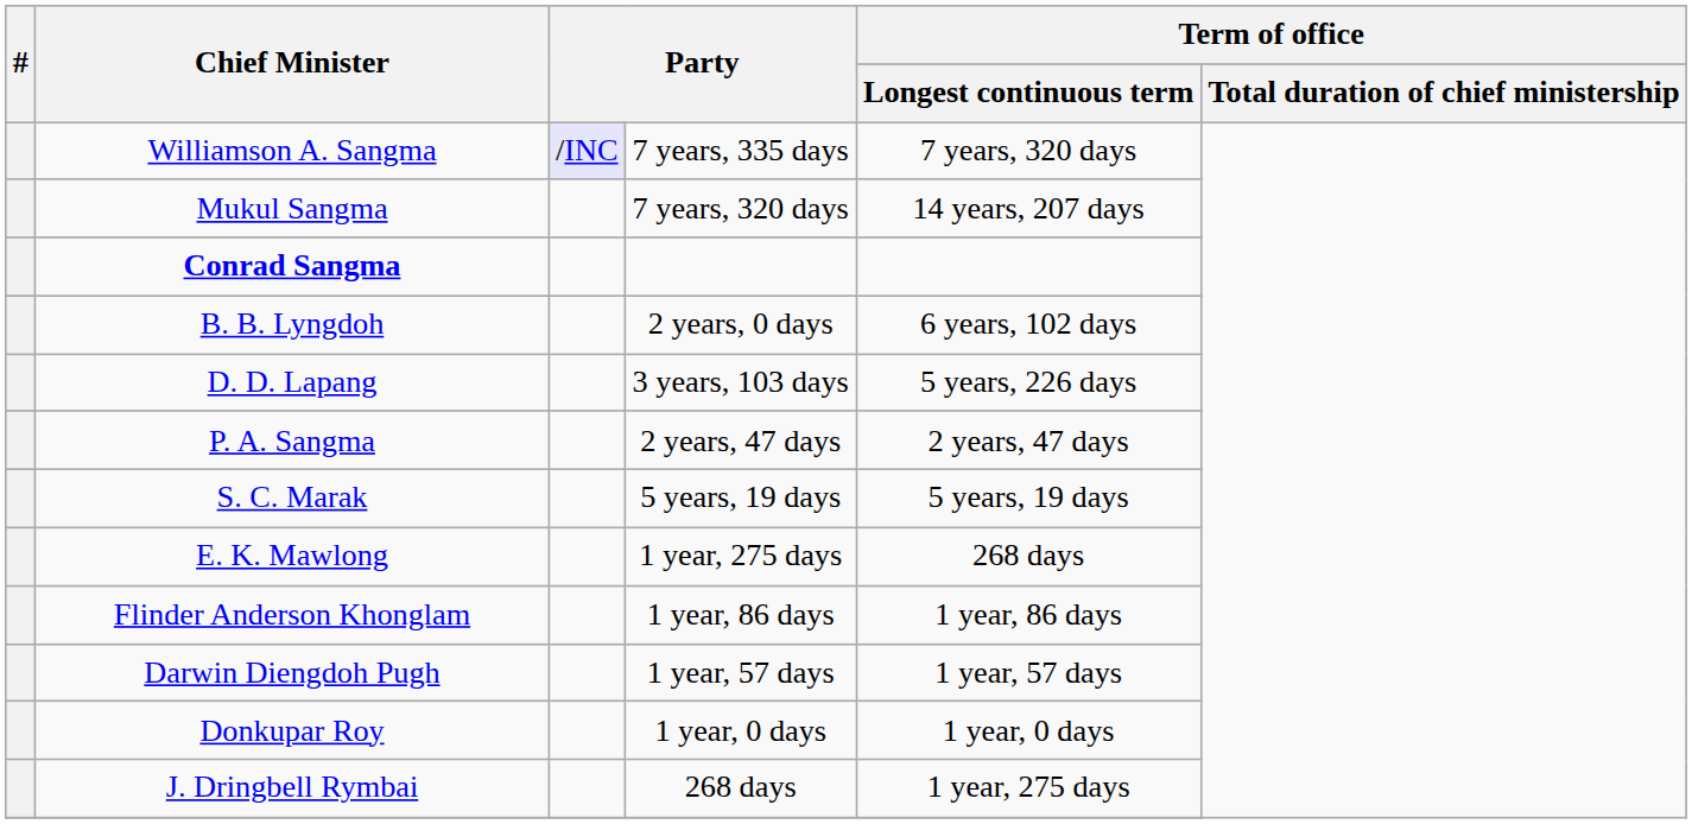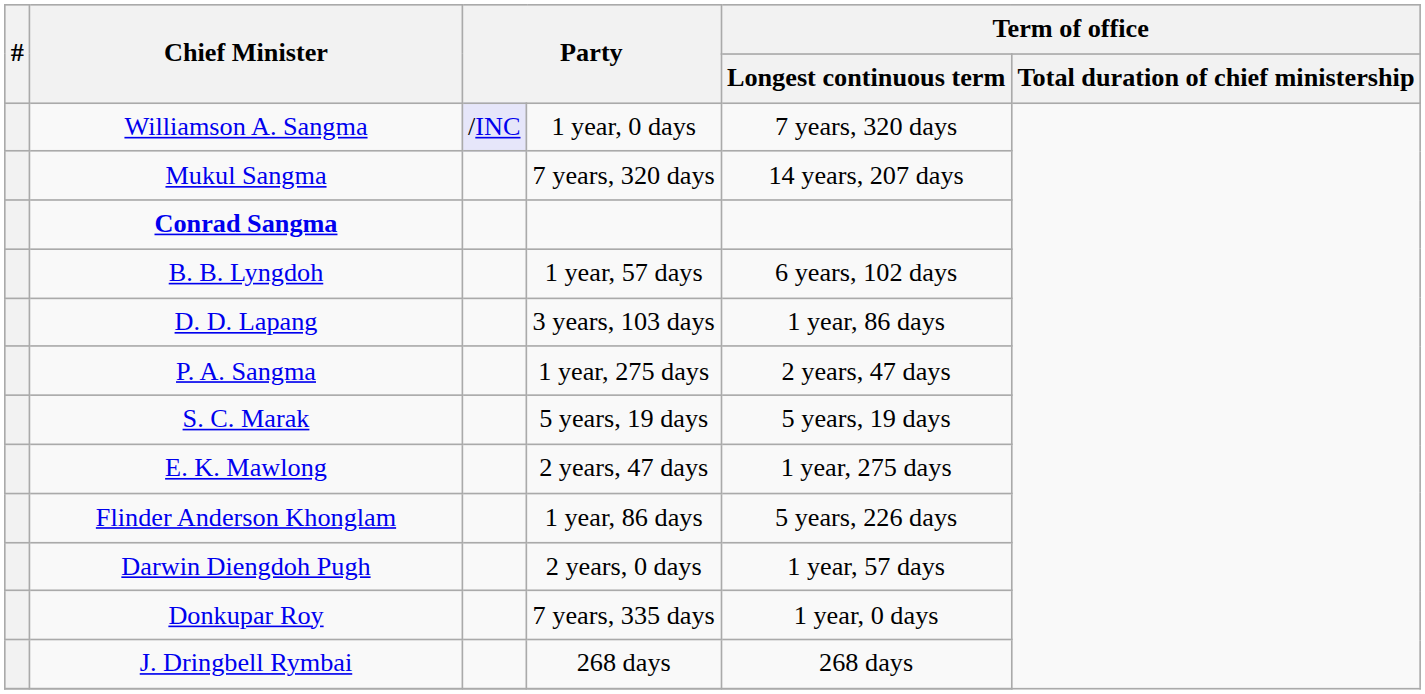 <table class="wikitable sortable" style="line-height:1.4em; text-align:center">
 <tr>
 <th data-sort-type=number rowspan = "2">#</th>
 <th rowspan="2" style="width:16em">Chief Minister</th>
 <th rowspan="2" colspan=2 style="width:8em">Party</th>
 <th colspan="2">Term of office</th>
 </tr>
 <tr>
 <th>Longest continuous term</th>
 <th>Total duration of chief ministership</th>
 </tr>
 <tr>
 <th data-sort-value=""></th>
 <td><a href='#'>Williamson A. Sangma</a></td>
 <td style="background: lavender;">/<a href='#'>INC</a></td>
-<td>7 years, 335 days</td>
+<td>1 year, 0 days</td>
 <td>7 years, 320 days</td>
 </tr>
 <tr>
 <th data-sort-value=""></th>
 <td><a href='#'>Mukul Sangma</a></td>
 <td></td>
 <td>7 years, 320 days</td>
 <td>14 years, 207 days</td>
 </tr>
 <tr>
 <th data-sort-value=""></th>
 <td><strong><a href='#'>Conrad Sangma</a></strong></td>
 <td></td>
 <td><strong></strong></td>
 <td><strong></strong></td>
 </tr>
 <tr>
 <th data-sort-value=""></th>
 <td><a href='#'>B. B. Lyngdoh</a></td>
 <td></td>
-<td>2 years, 0 days</td>
+<td>1 year, 57 days</td>
 <td>6 years, 102 days</td>
 </tr>
 <tr>
 <th data-sort-value=""></th>
 <td><a href='#'>D. D. Lapang</a></td>
 <td></td>
 <td>3 years, 103 days</td>
-<td>5 years, 226 days</td>
+<td>1 year, 86 days</td>
 </tr>
 <tr>
 <th data-sort-value=""></th>
 <td><a href='#'>P. A. Sangma</a></td>
 <td></td>
-<td>2 years, 47 days</td>
+<td>1 year, 275 days</td>
 <td>2 years, 47 days</td>
 </tr>
 <tr>
 <th data-sort-value=""></th>
 <td><a href='#'>S. C. Marak</a></td>
 <td></td>
 <td>5 years, 19 days</td>
 <td>5 years, 19 days</td>
 </tr>
 <tr>
 <th data-sort-value=""></th>
 <td><a href='#'>E. K. Mawlong</a></td>
 <td></td>
+<td>2 years, 47 days</td>
 <td>1 year, 275 days</td>
-<td>268 days</td>
 </tr>
 <tr>
 <th data-sort-value=""></th>
 <td><a href='#'>Flinder Anderson Khonglam</a></td>
 <td></td>
 <td>1 year, 86 days</td>
-<td>1 year, 86 days</td>
+<td>5 years, 226 days</td>
 </tr>
 <tr>
 <th data-sort-value=""></th>
 <td><a href='#'>Darwin Diengdoh Pugh</a></td>
 <td></td>
-<td>1 year, 57 days</td>
+<td>2 years, 0 days</td>
 <td>1 year, 57 days</td>
 </tr>
 <tr>
 <th data-sort-value=""></th>
 <td><a href='#'>Donkupar Roy</a></td>
 <td></td>
-<td>1 year, 0 days</td>
+<td>7 years, 335 days</td>
 <td>1 year, 0 days</td>
 </tr>
 <tr>
 <th></th>
 <td><a href='#'>J. Dringbell Rymbai</a></td>
 <td></td>
 <td>268 days</td>
-<td>1 year, 275 days</td>
+<td>268 days</td>
 </tr>
 <tr>
 </tr>
 </table>
